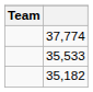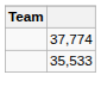 <table class="wikitable" style="display:inline-table;">
 <tr>
 </tr>
 <tr>
 <th>Team</th>
 <th></th>
 </tr>
 <tr>
 <td></td>
 <td align=right>37,774</td>
 </tr>
 <tr>
 <td></td>
 <td align=right>35,533</td>
 </tr>
-<tr>
-<td></td>
-<td align=right>35,182</td>
-</tr>
 </table>
